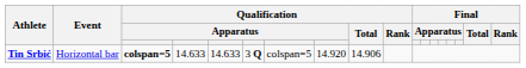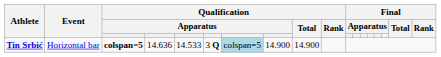 <table class="wikitable" style="font-size:90%">
 <tr>
 <th rowspan=3>Athlete</th>
 <th rowspan=3>Event</th>
 <th colspan =8>Qualification</th>
 <th colspan =8>Final</th>
 </tr>
 <tr style="font-size:95%">
 <th colspan=6>Apparatus</th>
 <th rowspan=2>Total</th>
 <th rowspan=2>Rank</th>
 <th colspan=6>Apparatus</th>
 <th rowspan=2>Total</th>
 <th rowspan=2>Rank</th>
 </tr>
 <tr style="font-size:95%">
 <th></th>
 <th></th>
 <th></th>
 <th></th>
 <th></th>
 <th></th>
 <th></th>
 <th></th>
 <th></th>
 <th></th>
 <th></th>
 <th></th>
 </tr>
 <tr align=center>
 <td align=left><strong><a href='#'>Tin Srbić</a></strong></td>
 <td align=left><a href='#'>Horizontal bar</a></td>
 <td><strong>colspan=5 </strong></td>
-<td>14.633</td>
-<td>14.633</td>
+<td>14.636</td>
+<td>14.533</td>
 <td>3 <strong>Q</strong></td>
-<td>colspan=5 </td>
-<td>14.920</td>
-<td>14.906</td>
+<td style="background: lightblue;">colspan=5 </td>
+<td>14.900</td>
+<td>14.900</td>
 <td></td>
 </tr>
 </table>
